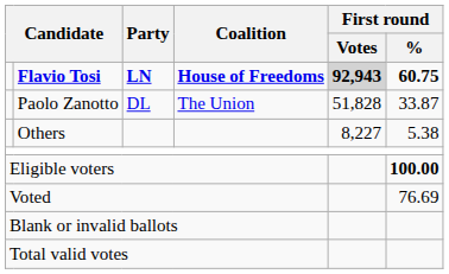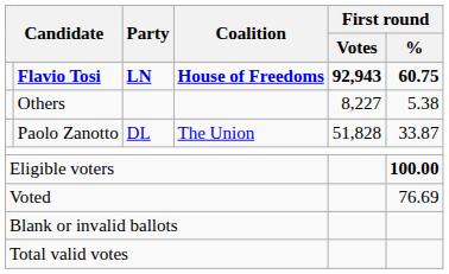 <table class="wikitable centre">
 <tr>
 <th scope="col" rowspan=2 colspan=2>Candidate</th>
 <th scope="col" rowspan=2 colspan=1>Party</th>
 <th scope="col" rowspan=2 colspan=1>Coalition</th>
 <th scope="col" colspan=2>First round</th>
 </tr>
 <tr>
 <th scope="col">Votes</th>
 <th scope="col">%</th>
 </tr>
 <tr>
 <td></td>
 <td><strong><a href='#'>Flavio Tosi</a></strong></td>
 <td><strong><a href='#'>LN</a></strong></td>
 <td><strong><a href='#'>House of Freedoms</a></strong></td>
-<td style="background: lightgrey; text-align: right"><strong>92,943</strong></td>
+<td style="text-align: right"><strong>92,943</strong></td>
 <td style="text-align: right"><strong>60.75</strong></td>
+</tr>
+<tr>
+<td bgcolor=""></td>
+<td>Others</td>
+<td></td>
+<td></td>
+<td style="text-align: right">8,227</td>
+<td style="text-align: right">5.38</td>
 </tr>
 <tr>
 <td></td>
 <td>Paolo Zanotto</td>
 <td><a href='#'>DL</a></td>
 <td><a href='#'>The Union</a></td>
 <td style="text-align: right">51,828</td>
 <td style="text-align: right">33.87</td>
-</tr>
-<tr>
-<td bgcolor=""></td>
-<td>Others</td>
-<td></td>
-<td></td>
-<td style="text-align: right">8,227</td>
-<td style="text-align: right">5.38</td>
 </tr>
 <tr bgcolor=white>
 <td colspan=6></td>
 </tr>
 <tr>
 <td colspan=4>Eligible voters</td>
 <td style="text-align: right"></td>
 <td style="text-align: right"><strong>100.00</strong></td>
 </tr>
 <tr>
 <td colspan=4>Voted</td>
 <td style="text-align: right"></td>
 <td style="text-align: right">76.69</td>
 </tr>
 <tr>
 <td colspan=4>Blank or invalid ballots</td>
 <td style="text-align: right"></td>
 <td style="text-align: right"></td>
 </tr>
 <tr>
 <td colspan=4>Total valid votes</td>
 <td style="text-align: right"></td>
 <td style="text-align: right"></td>
 </tr>
 </table>
